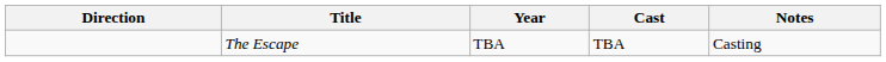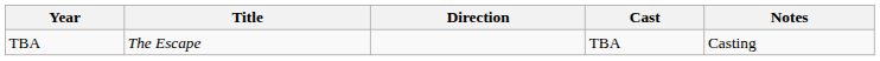 <table class="wikitable" style="width:100%;">
 <tr>
+<th>Year</th>
+<th>Title</th>
 <th>Direction</th>
-<th>Title</th>
-<th>Year</th>
 <th>Cast</th>
 <th>Notes</th>
 </tr>
 <tr>
+<td>TBA</td>
+<td><em>The Escape</em></td>
 <td></td>
-<td><em>The Escape</em></td>
-<td>TBA</td>
 <td>TBA</td>
 <td>Casting</td>
 </tr>
 </table>
